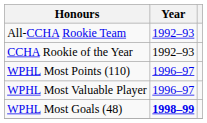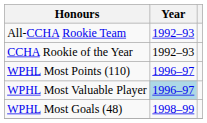 <table class="wikitable">
 <tr>
 <th>Honours</th>
 <th>Year</th>
 <th></th>
 </tr>
 <tr>
 <td>All-<a href='#'>CCHA</a> <a href='#'>Rookie Team</a></td>
 <td><a href='#'>1992–93</a></td>
 <td></td>
 </tr>
 <tr>
 <td><a href='#'>CCHA</a> Rookie of the Year</td>
 <td>1992–93</td>
 <td></td>
 </tr>
 <tr>
 <td><a href='#'>WPHL</a> Most Points (110)</td>
 <td><a href='#'>1996–97</a></td>
 <td></td>
 </tr>
 <tr>
 <td><a href='#'>WPHL</a> Most Valuable Player</td>
-<td><a href='#'>1996–97</a></td>
+<td style="background: lightblue;"><a href='#'>1996–97</a></td>
 <td></td>
 </tr>
 <tr>
 <td><a href='#'>WPHL</a> Most Goals (48)</td>
-<td><strong><a href='#'>1998–99</a></strong></td>
+<td><a href='#'>1998–99</a></td>
 <td></td>
 </tr>
 <tr>
 </tr>
 </table>
